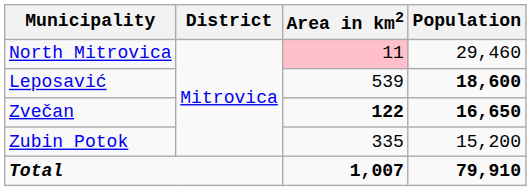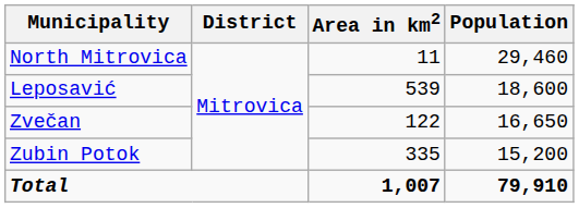 <table class="wikitable sortable">
 <tr>
 <th>Municipality</th>
 <th>District</th>
 <th>Area in km<sup>2</sup></th>
 <th>Population</th>
 </tr>
 <tr>
 <td style="text-align:left;"><a href='#'>North Mitrovica</a></td>
 <td style="text-align:left;" rowspan=4><a href='#'>Mitrovica</a></td>
-<td style="background: pink; text-align:right;">11</td>
+<td style="text-align:right;">11</td>
 <td style="text-align:right;">29,460</td>
 </tr>
 <tr>
 <td style="text-align:left;"><a href='#'>Leposavić</a></td>
 <td style="text-align:right;">539</td>
-<td style="text-align:right;"><strong>18,600</strong></td>
+<td style="text-align:right;">18,600</td>
 </tr>
 <tr>
 <td style="text-align:left;"><a href='#'>Zvečan</a></td>
-<td style="text-align:right;"><strong>122</strong></td>
-<td style="text-align:right;"><strong>16,650</strong></td>
+<td style="text-align:right;">122</td>
+<td style="text-align:right;">16,650</td>
 </tr>
 <tr>
 <td style="text-align:left;"><a href='#'>Zubin Potok</a></td>
 <td style="text-align:right;">335</td>
 <td style="text-align:right;">15,200</td>
 </tr>
 <tr class="sortbottom">
 <td style="text-align:left;" colspan=2><strong><em>Total</em></strong></td>
 <td style="text-align:right;"><strong>1,007</strong></td>
 <td style="text-align:right;"><strong>79,910</strong></td>
 </tr>
 </table>
